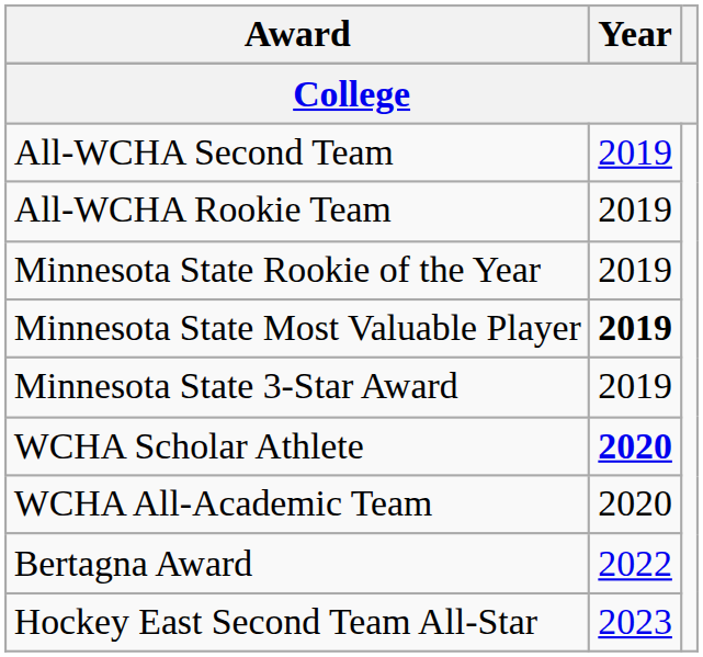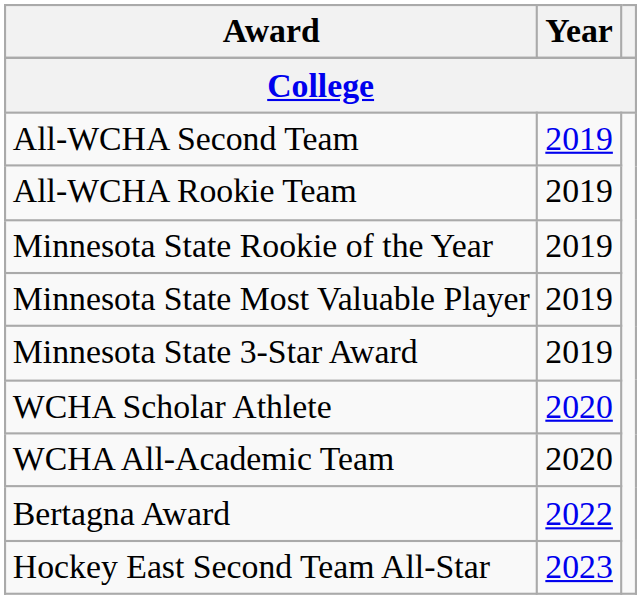 <table class="wikitable">
 <tr>
 <th>Award</th>
 <th>Year</th>
 <th></th>
 </tr>
 <tr ALIGN="center" bgcolor="#e0e0e0">
 </tr>
 <tr ALIGN="center" bgcolor="#e0e0e0">
 <th colspan="3"><a href='#'>College</a></th>
 </tr>
 <tr>
 <td>All-WCHA Second Team</td>
 <td><a href='#'>2019</a></td>
 <td rowspan="9"></td>
 </tr>
 <tr>
 <td>All-WCHA Rookie Team</td>
 <td>2019</td>
 </tr>
 <tr>
 <td>Minnesota State Rookie of the Year</td>
 <td>2019</td>
 </tr>
 <tr>
 <td>Minnesota State Most Valuable Player</td>
-<td><strong>2019</strong></td>
+<td>2019</td>
 </tr>
 <tr>
 <td>Minnesota State 3-Star Award</td>
 <td>2019</td>
 </tr>
 <tr>
 <td>WCHA Scholar Athlete</td>
-<td><strong><a href='#'>2020</a></strong></td>
+<td><a href='#'>2020</a></td>
 </tr>
 <tr>
 <td>WCHA All-Academic Team</td>
 <td>2020</td>
 </tr>
 <tr>
 <td>Bertagna Award</td>
 <td><a href='#'>2022</a></td>
 </tr>
 <tr>
 <td>Hockey East Second Team All-Star</td>
 <td><a href='#'>2023</a></td>
 </tr>
 </table>
